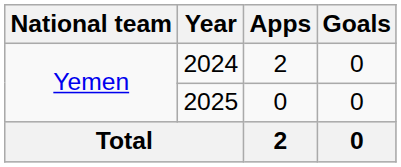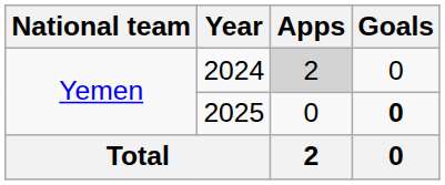 <table class="wikitable" style="text-align:center">
 <tr>
 <th>National team</th>
 <th>Year</th>
 <th>Apps</th>
 <th>Goals</th>
 </tr>
 <tr>
 <td rowspan=2><a href='#'>Yemen</a></td>
 <td>2024</td>
-<td>2</td>
+<td style="background: lightgrey;">2</td>
 <td>0</td>
 </tr>
 <tr>
 <td>2025</td>
 <td>0</td>
-<td>0</td>
+<td><strong>0</strong></td>
 </tr>
 <tr>
 <th colspan="2">Total</th>
 <th>2</th>
 <th>0</th>
 </tr>
 </table>
